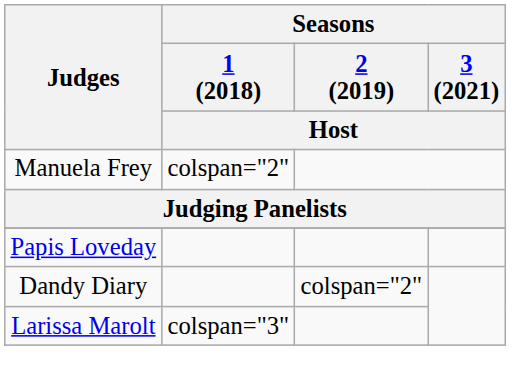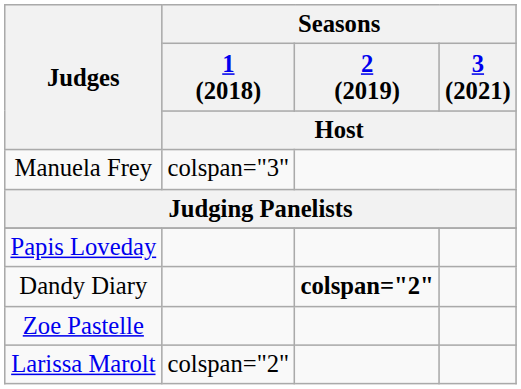 <table class="wikitable" style="text-align:center">
 <tr>
 <th rowspan="3">Judges</th>
 <th colspan="3">Seasons</th>
 </tr>
 <tr>
 <th><a href='#'>1</a><br>(2018)</th>
 <th><a href='#'>2</a><br>(2019)</th>
 <th><a href='#'>3</a><br>(2021)</th>
 </tr>
 <tr>
 <th scope="col" colspan="3">Host</th>
 </tr>
 <tr>
 <td scope="row">Manuela Frey</td>
-<td>colspan="2" </td>
+<td>colspan="3" </td>
 </tr>
 <tr>
 <th scope="col" colspan="4">Judging Panelists</th>
 </tr>
 <tr>
 </tr>
 <tr>
 <td scope="row"><a href='#'>Papis Loveday</a></td>
 <td></td>
 <td></td>
 <td></td>
 </tr>
 <tr>
 <td scope="row">Dandy Diary</td>
 <td></td>
-<td>colspan="2" </td>
+<td><strong>colspan="2" </strong></td>
+</tr>
+<tr>
+<td scope="row"><a href='#'>Zoe Pastelle</a></td>
+<td></td>
+<td></td>
+<td></td>
 </tr>
 <tr>
 <td scope="row"><a href='#'>Larissa Marolt</a></td>
-<td>colspan="3" </td>
+<td>colspan="2" </td>
 <td></td>
 </tr>
 </table>
